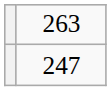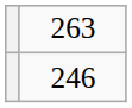 <table class="wikitable">
 <tr>
 <th></th>
 <td style="padding-left: 1em; padding-right: 1em">263</td>
 </tr>
 <tr>
 <th></th>
-<td style="padding-left: 1em; padding-right: 1em">247</td>
+<td style="padding-left: 1em; padding-right: 1em">246</td>
 </tr>
 </table>
